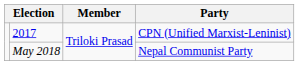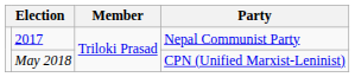 <table class="wikitable">
 <tr>
 <th colspan="2">Election</th>
 <th>Member</th>
 <th>Party</th>
 </tr>
 <tr>
 <td rowspan="2" style="background-color:"></td>
 <td><a href='#'>2017</a></td>
 <td rowspan="2"><a href='#'>Triloki Prasad</a></td>
-<td><a href='#'>CPN (Unified Marxist-Leninist)</a></td>
+<td><a href='#'>Nepal Communist Party</a></td>
 </tr>
 <tr>
 <td><em>May 2018</em></td>
-<td><a href='#'>Nepal Communist Party</a></td>
+<td><a href='#'>CPN (Unified Marxist-Leninist)</a></td>
 </tr>
 </table>
